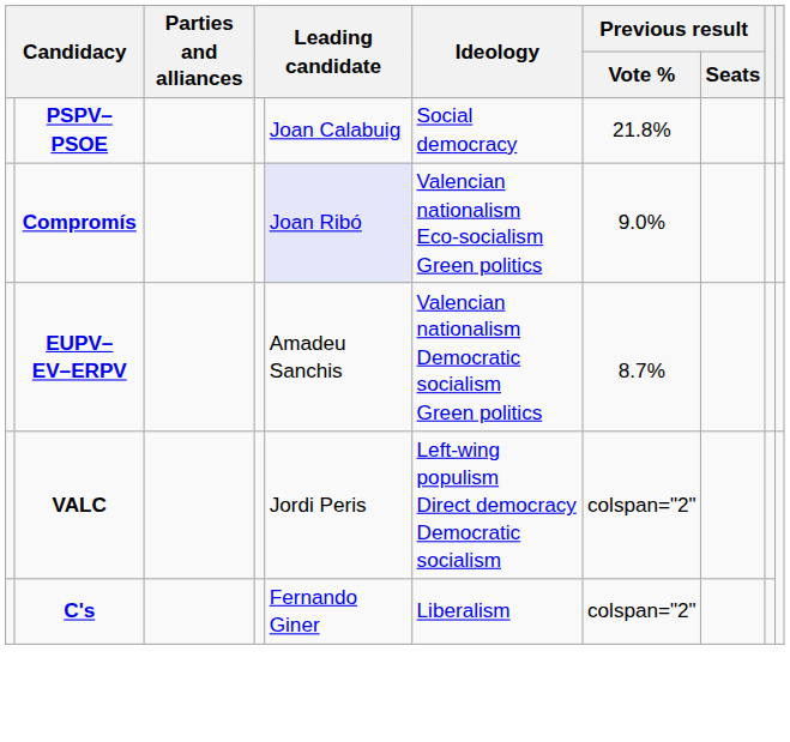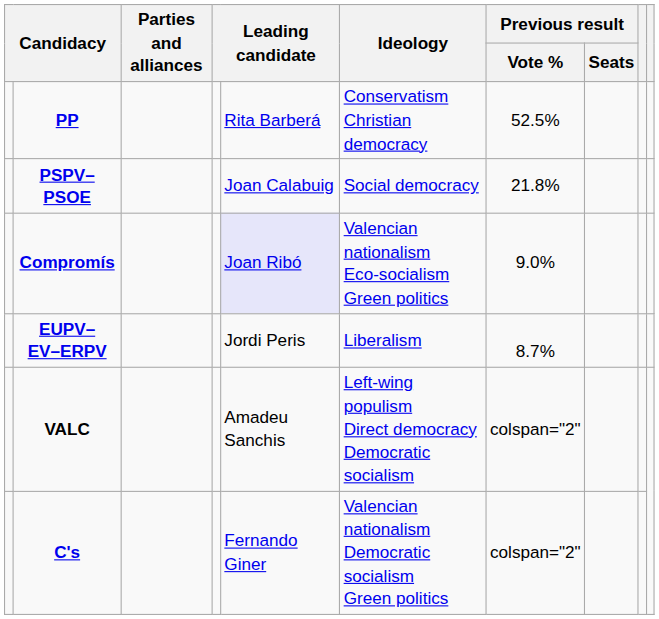 <table class="wikitable" style="line-height:1.35em; text-align:left;">
 <tr>
 <th colspan="2" rowspan="2">Candidacy</th>
 <th rowspan="2">Parties and<br>alliances</th>
 <th colspan="2" rowspan="2">Leading candidate</th>
 <th rowspan="2">Ideology</th>
 <th colspan="2">Previous result</th>
 <th rowspan="2"></th>
 <th rowspan="2"></th>
 </tr>
 <tr>
 <th>Vote %</th>
 <th>Seats</th>
+</tr>
+<tr>
+<td width="1" style="color:inherit;background:"></td>
+<td align="center"><strong><a href='#'>PP</a></strong></td>
+<td></td>
+<td></td>
+<td><a href='#'>Rita Barberá</a></td>
+<td><a href='#'>Conservatism</a><br><a href='#'>Christian democracy</a></td>
+<td align="center">52.5%</td>
+<td></td>
+<td></td>
+<td></td>
 </tr>
 <tr>
 <td style="color:inherit;background:"></td>
 <td align="center"><strong><a href='#'>PSPV–PSOE</a></strong></td>
 <td></td>
 <td></td>
 <td><a href='#'>Joan Calabuig</a></td>
 <td><a href='#'>Social democracy</a></td>
 <td align="center">21.8%</td>
 <td></td>
 <td></td>
 <td></td>
 </tr>
 <tr>
 <td style="color:inherit;background:"></td>
 <td align="center"><strong><a href='#'>Compromís</a></strong></td>
 <td></td>
 <td></td>
 <td style="background: lavender;"><a href='#'>Joan Ribó</a></td>
 <td><a href='#'>Valencian nationalism</a><br><a href='#'>Eco-socialism</a><br><a href='#'>Green politics</a></td>
 <td align="center">9.0%</td>
 <td></td>
 <td></td>
 <td></td>
 </tr>
 <tr>
 <td style="color:inherit;background:"></td>
 <td align="center"><strong><a href='#'>EUPV–<br>EV–ERPV</a></strong></td>
 <td></td>
 <td></td>
-<td>Amadeu Sanchis</td>
-<td><a href='#'>Valencian nationalism</a><br><a href='#'>Democratic socialism</a><br><a href='#'>Green politics</a></td>
+<td>Jordi Peris</td>
+<td><a href='#'>Liberalism</a></td>
 <td align="center"><br>8.7%<br></td>
 <td></td>
 <td></td>
 <td></td>
 </tr>
 <tr>
 <td style="color:inherit;background:"></td>
 <td align="center"><strong>VALC</strong></td>
 <td></td>
 <td></td>
-<td>Jordi Peris</td>
+<td>Amadeu Sanchis</td>
 <td><a href='#'>Left-wing populism</a><br><a href='#'>Direct democracy</a><br><a href='#'>Democratic socialism</a></td>
 <td>colspan="2" </td>
 <td></td>
 <td></td>
 </tr>
 <tr>
 <td style="color:inherit;background:"></td>
 <td align="center"><strong><a href='#'>C's</a></strong></td>
 <td></td>
 <td></td>
 <td><a href='#'>Fernando Giner</a></td>
-<td><a href='#'>Liberalism</a></td>
+<td><a href='#'>Valencian nationalism</a><br><a href='#'>Democratic socialism</a><br><a href='#'>Green politics</a></td>
 <td>colspan="2" </td>
 <td></td>
 <td></td>
 </tr>
 </table>
